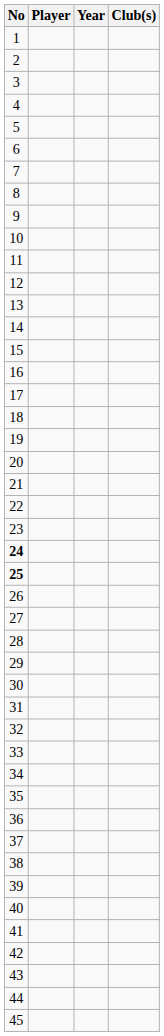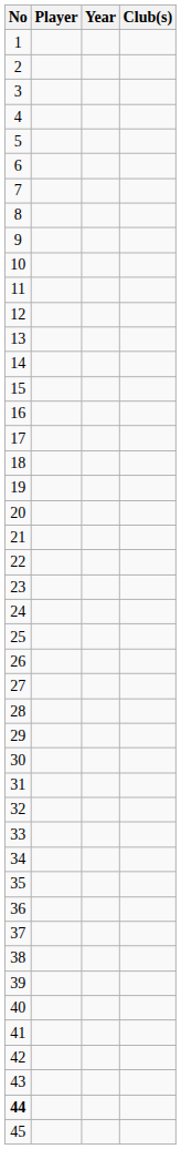 <table class="wikitable sortable" style="text-align: center;">
 <tr>
 <th>No</th>
 <th>Player</th>
 <th>Year</th>
 <th>Club(s)</th>
 </tr>
 <tr>
 <td>1</td>
 <td align=left></td>
 <td></td>
 <td align=left></td>
 </tr>
 <tr>
 <td>2</td>
 <td align=left></td>
 <td></td>
 <td align=left></td>
 </tr>
 <tr>
 <td>3</td>
 <td align=left></td>
 <td></td>
 <td align=left></td>
 </tr>
 <tr>
 <td>4</td>
 <td align=left></td>
 <td></td>
 <td align=left></td>
 </tr>
 <tr>
 <td>5</td>
 <td align=left></td>
 <td></td>
 <td align=left></td>
 </tr>
 <tr>
 <td>6</td>
 <td align=left></td>
 <td></td>
 <td align=left></td>
 </tr>
 <tr>
 <td>7</td>
 <td align=left></td>
 <td></td>
 <td align=left></td>
 </tr>
 <tr>
 <td>8</td>
 <td align=left></td>
 <td></td>
 <td align=left></td>
 </tr>
 <tr>
 <td>9</td>
 <td align=left></td>
 <td></td>
 <td align=left></td>
 </tr>
 <tr>
 <td>10</td>
 <td align=left></td>
 <td></td>
 <td align=left></td>
 </tr>
 <tr>
 <td>11</td>
 <td align=left></td>
 <td></td>
 <td align=left></td>
 </tr>
 <tr>
 <td>12</td>
 <td align=left></td>
 <td></td>
 <td align=left></td>
 </tr>
 <tr>
 <td>13</td>
 <td align=left></td>
 <td></td>
 <td align=left></td>
 </tr>
 <tr>
 <td>14</td>
 <td align=left></td>
 <td></td>
 <td align=left></td>
 </tr>
 <tr>
 <td>15</td>
 <td align=left></td>
 <td></td>
 <td align=left></td>
 </tr>
 <tr>
 <td>16</td>
 <td align=left></td>
 <td></td>
 <td align=left></td>
 </tr>
 <tr>
 <td>17</td>
 <td align=left></td>
 <td></td>
 <td align=left></td>
 </tr>
 <tr>
 <td>18</td>
 <td align=left></td>
 <td></td>
 <td align=left></td>
 </tr>
 <tr>
 <td>19</td>
 <td align=left></td>
 <td></td>
 <td align=left></td>
 </tr>
 <tr>
 <td>20</td>
 <td align=left></td>
 <td></td>
 <td align=left></td>
 </tr>
 <tr>
 <td>21</td>
 <td align=left></td>
 <td></td>
 <td align=left></td>
 </tr>
 <tr>
 <td>22</td>
 <td align=left></td>
 <td></td>
 <td align=left></td>
 </tr>
 <tr>
 <td>23</td>
 <td align=left></td>
 <td></td>
 <td align=left></td>
 </tr>
 <tr>
-<td><strong>24</strong></td>
+<td>24</td>
 <td align=left></td>
 <td></td>
 <td align=left></td>
 </tr>
 <tr>
-<td><strong>25</strong></td>
+<td>25</td>
 <td align=left></td>
 <td></td>
 <td align=left></td>
 </tr>
 <tr>
 <td>26</td>
 <td align=left></td>
 <td></td>
 <td align=left></td>
 </tr>
 <tr>
 <td>27</td>
 <td align=left></td>
 <td></td>
 <td align=left></td>
 </tr>
 <tr>
 <td>28</td>
 <td align=left></td>
 <td></td>
 <td align=left></td>
 </tr>
 <tr>
 <td>29</td>
 <td align=left></td>
 <td></td>
 <td align=left></td>
 </tr>
 <tr>
 <td>30</td>
 <td align=left></td>
 <td></td>
 <td align=left></td>
 </tr>
 <tr>
 <td>31</td>
 <td align=left></td>
 <td></td>
 <td align=left></td>
 </tr>
 <tr>
 <td>32</td>
 <td align=left></td>
 <td></td>
 <td align=left></td>
 </tr>
 <tr>
 <td>33</td>
 <td align=left></td>
 <td></td>
 <td align=left></td>
 </tr>
 <tr>
 <td>34</td>
 <td align=left></td>
 <td></td>
 <td align=left></td>
 </tr>
 <tr>
 <td>35</td>
 <td align=left></td>
 <td></td>
 <td align=left></td>
 </tr>
 <tr>
 <td>36</td>
 <td align=left></td>
 <td></td>
 <td align=left></td>
 </tr>
 <tr>
 <td>37</td>
 <td align=left></td>
 <td></td>
 <td align=left></td>
 </tr>
 <tr>
 <td>38</td>
 <td align=left></td>
 <td></td>
 <td align=left></td>
 </tr>
 <tr>
 <td>39</td>
 <td align=left></td>
 <td></td>
 <td align=left></td>
 </tr>
 <tr>
 <td>40</td>
 <td align=left></td>
 <td></td>
 <td align=left></td>
 </tr>
 <tr>
 <td>41</td>
 <td align=left></td>
 <td></td>
 <td align=left></td>
 </tr>
 <tr>
 <td>42</td>
 <td align=left></td>
 <td></td>
 <td align=left></td>
 </tr>
 <tr>
 <td>43</td>
 <td align=left></td>
 <td></td>
 <td align=left></td>
 </tr>
 <tr>
-<td>44</td>
+<td><strong>44</strong></td>
 <td align=left></td>
 <td></td>
 <td align=left></td>
 </tr>
 <tr>
 <td>45</td>
 <td align=left></td>
 <td></td>
 <td align=left></td>
 </tr>
 </table>
